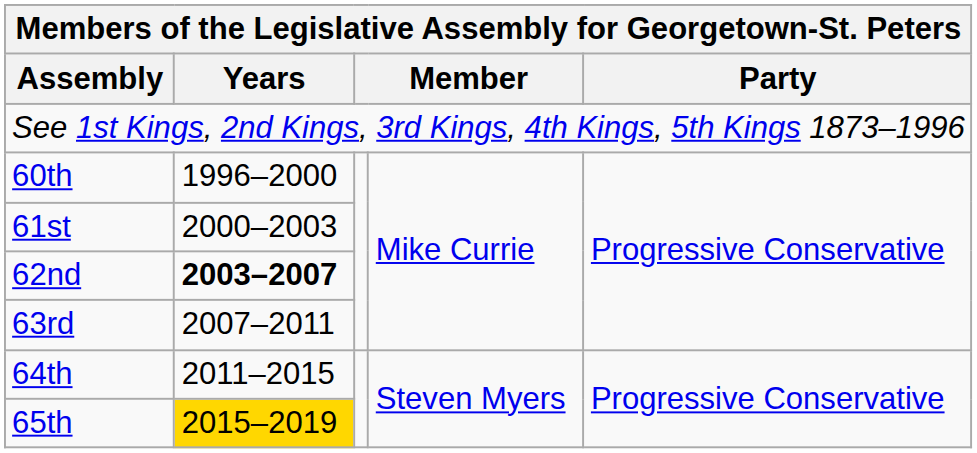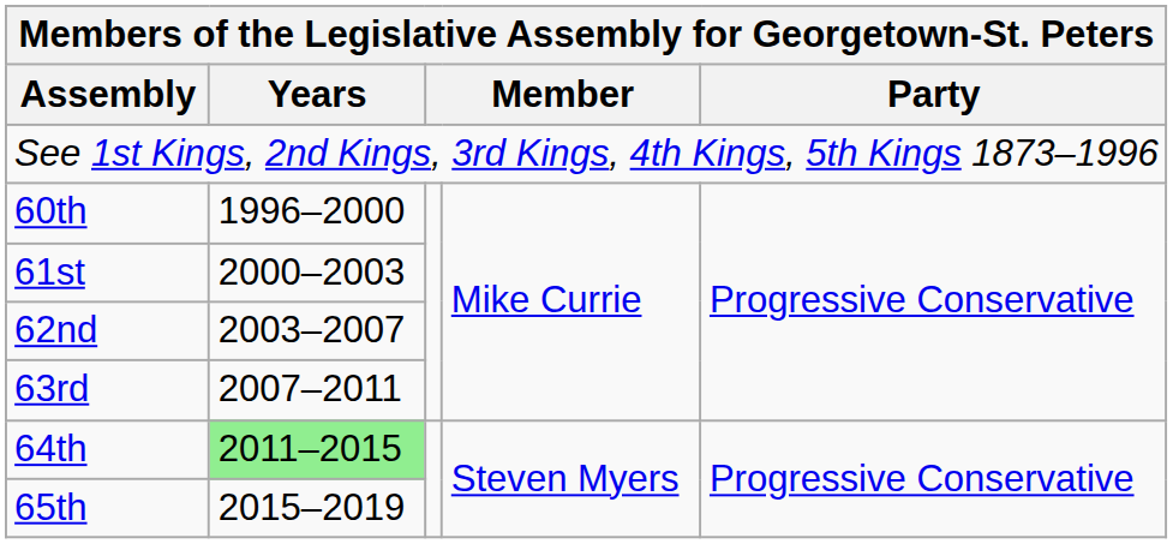 <table class="wikitable" align=centre>
 <tr>
 <th colspan=5>Members of the Legislative Assembly for Georgetown-St. Peters</th>
 </tr>
 <tr>
 <th>Assembly</th>
 <th>Years</th>
 <th colspan="2">Member</th>
 <th>Party</th>
 </tr>
 <tr>
 <td align="center" colspan=5><em>See <a href='#'>1st Kings</a>, <a href='#'>2nd Kings</a>, <a href='#'>3rd Kings</a>, <a href='#'>4th Kings</a>, <a href='#'>5th Kings</a> 1873–1996</em></td>
 </tr>
 <tr>
 <td><a href='#'>60th</a></td>
 <td>1996–2000</td>
 <td rowspan=4 ></td>
 <td rowspan=4><a href='#'>Mike Currie</a></td>
 <td rowspan=4><a href='#'>Progressive Conservative</a></td>
 </tr>
 <tr>
 <td><a href='#'>61st</a></td>
 <td>2000–2003</td>
 </tr>
 <tr>
 <td><a href='#'>62nd</a></td>
-<td><strong>2003–2007</strong></td>
+<td>2003–2007</td>
 </tr>
 <tr>
 <td><a href='#'>63rd</a></td>
 <td>2007–2011</td>
 </tr>
 <tr>
 <td><a href='#'>64th</a></td>
-<td>2011–2015</td>
+<td style="background: lightgreen;">2011–2015</td>
 <td rowspan=2 ></td>
 <td rowspan=2><a href='#'>Steven Myers</a></td>
 <td rowspan=2><a href='#'>Progressive Conservative</a></td>
 </tr>
 <tr>
 <td><a href='#'>65th</a></td>
-<td style="background: gold;">2015–2019</td>
+<td>2015–2019</td>
 </tr>
 </table>
